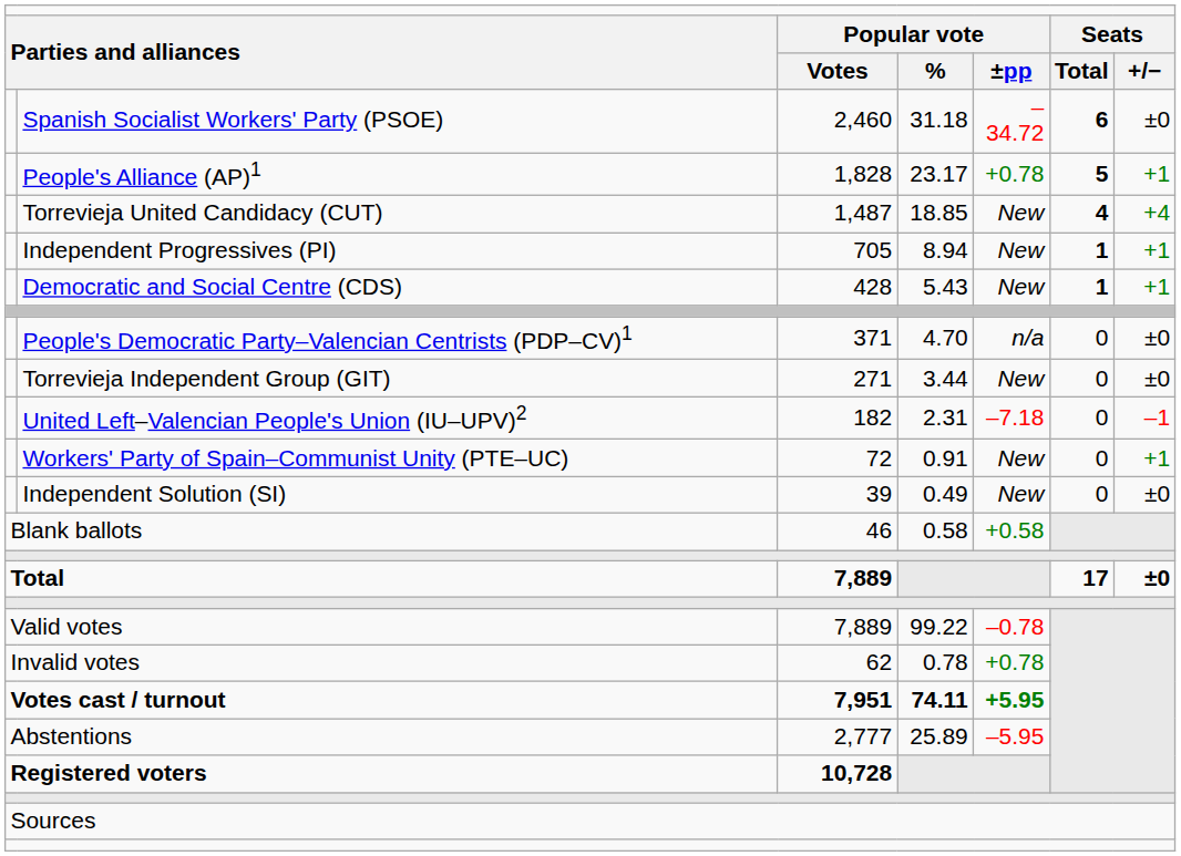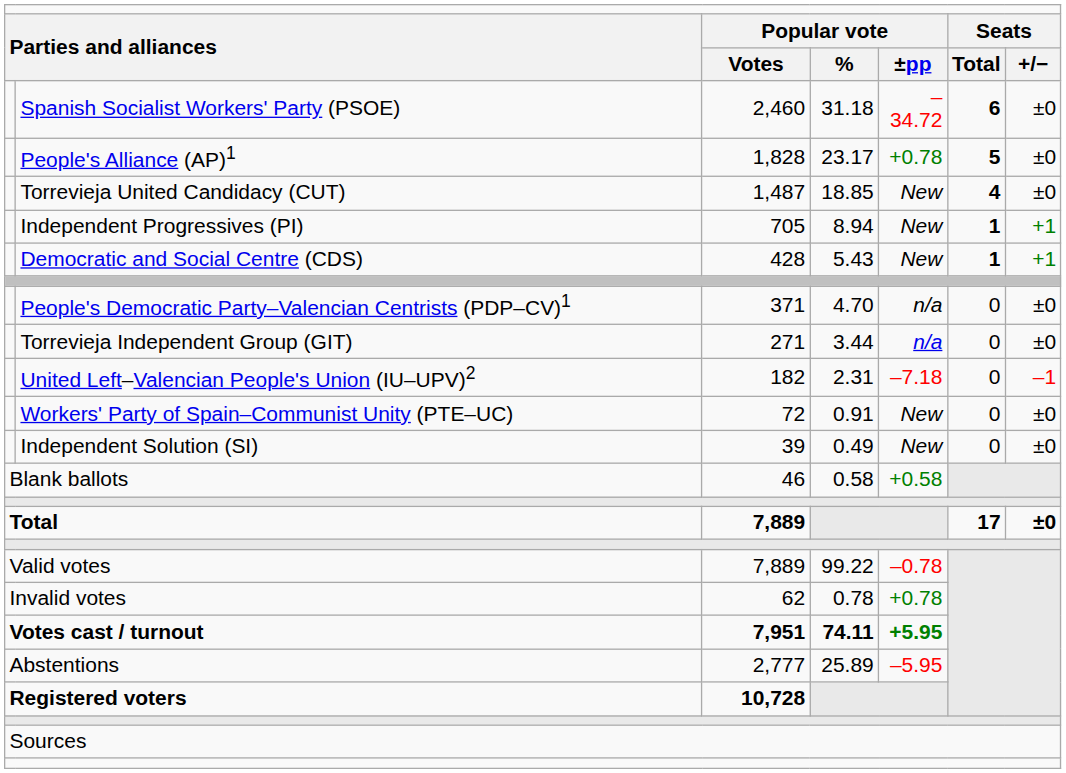 <table class="wikitable" style="text-align:right;">
 <tr>
 <td colspan="7"></td>
 </tr>
 <tr>
 <th style="text-align:left;" rowspan="2" colspan="2" width="525">Parties and alliances</th>
 <th colspan="3">Popular vote</th>
 <th colspan="2">Seats</th>
 </tr>
 <tr>
 <th width="75">Votes</th>
 <th width="45">%</th>
 <th width="45">±<a href='#'>pp</a></th>
 <th width="35">Total</th>
 <th width="35">+/−</th>
 </tr>
 <tr>
 <td width="1" style="color:inherit;background:"></td>
 <td align="left"><a href='#'>Spanish Socialist Workers' Party</a> (PSOE)</td>
 <td>2,460</td>
 <td>31.18</td>
 <td style="color:red;">–34.72</td>
 <td><strong>6</strong></td>
 <td>±0</td>
 </tr>
 <tr>
 <td style="color:inherit;background:"></td>
 <td align="left"><a href='#'>People's Alliance</a> (AP)<sup>1</sup></td>
 <td>1,828</td>
 <td>23.17</td>
 <td style="color:green;">+0.78</td>
 <td><strong>5</strong></td>
-<td style="color:green;">+1</td>
+<td>±0</td>
 </tr>
 <tr>
 <td style="color:inherit;background:"></td>
 <td align="left">Torrevieja United Candidacy (CUT)</td>
 <td>1,487</td>
 <td>18.85</td>
 <td><em>New</em></td>
 <td><strong>4</strong></td>
-<td style="color:green;">+4</td>
+<td>±0</td>
 </tr>
 <tr>
 <td style="color:inherit;background:"></td>
 <td align="left">Independent Progressives (PI)</td>
 <td>705</td>
 <td>8.94</td>
 <td><em>New</em></td>
 <td><strong>1</strong></td>
 <td style="color:green;">+1</td>
 </tr>
 <tr>
 <td style="color:inherit;background:"></td>
 <td align="left"><a href='#'>Democratic and Social Centre</a> (CDS)</td>
 <td>428</td>
 <td>5.43</td>
 <td><em>New</em></td>
 <td><strong>1</strong></td>
 <td style="color:green;">+1</td>
 </tr>
 <tr>
 <td colspan="7" bgcolor="#C0C0C0"></td>
 </tr>
 <tr>
 <td style="color:inherit;background:"></td>
 <td align="left"><a href='#'>People's Democratic Party–Valencian Centrists</a> (PDP–CV)<sup>1</sup></td>
 <td>371</td>
 <td>4.70</td>
 <td><em>n/a</em></td>
 <td>0</td>
 <td>±0</td>
 </tr>
 <tr>
 <td style="color:inherit;background:"></td>
 <td align="left">Torrevieja Independent Group (GIT)</td>
 <td>271</td>
 <td>3.44</td>
-<td><em>New</em></td>
+<td><em><a href='#'>n/a</a></em></td>
 <td>0</td>
 <td>±0</td>
 </tr>
 <tr>
 <td style="color:inherit;background:"></td>
 <td align="left"><a href='#'>United Left</a>–<a href='#'>Valencian People's Union</a> (IU–UPV)<sup>2</sup></td>
 <td>182</td>
 <td>2.31</td>
 <td style="color:red;">–7.18</td>
 <td>0</td>
 <td style="color:red;">–1</td>
 </tr>
 <tr>
 <td style="color:inherit;background:"></td>
 <td align="left"><a href='#'>Workers' Party of Spain–Communist Unity</a> (PTE–UC)</td>
 <td>72</td>
 <td>0.91</td>
 <td><em>New</em></td>
 <td>0</td>
-<td style="color:green;">+1</td>
+<td>±0</td>
 </tr>
 <tr>
 <td style="color:inherit;background:"></td>
 <td align="left">Independent Solution (SI)</td>
 <td>39</td>
 <td>0.49</td>
 <td><em>New</em></td>
 <td>0</td>
 <td>±0</td>
 </tr>
 <tr>
 <td align="left" colspan="2">Blank ballots</td>
 <td>46</td>
 <td>0.58</td>
 <td style="color:green;">+0.58</td>
 <td bgcolor="#E9E9E9" colspan="2"></td>
 </tr>
 <tr>
 <td colspan="7" bgcolor="#E9E9E9"></td>
 </tr>
 <tr style="font-weight:bold;">
 <td align="left" colspan="2">Total</td>
 <td>7,889</td>
 <td bgcolor="#E9E9E9" colspan="2"></td>
 <td>17</td>
 <td>±0</td>
 </tr>
 <tr>
 <td colspan="7" bgcolor="#E9E9E9"></td>
 </tr>
 <tr>
 <td align="left" colspan="2">Valid votes</td>
 <td>7,889</td>
 <td>99.22</td>
 <td style="color:red;">–0.78</td>
 <td bgcolor="#E9E9E9" colspan="2" rowspan="5"></td>
 </tr>
 <tr>
 <td align="left" colspan="2">Invalid votes</td>
 <td>62</td>
 <td>0.78</td>
 <td style="color:green;">+0.78</td>
 </tr>
 <tr style="font-weight:bold;">
 <td align="left" colspan="2">Votes cast / turnout</td>
 <td>7,951</td>
 <td>74.11</td>
 <td style="color:green;">+5.95</td>
 </tr>
 <tr>
 <td align="left" colspan="2">Abstentions</td>
 <td>2,777</td>
 <td>25.89</td>
 <td style="color:red;">–5.95</td>
 </tr>
 <tr style="font-weight:bold;">
 <td align="left" colspan="2">Registered voters</td>
 <td>10,728</td>
 <td bgcolor="#E9E9E9" colspan="2"></td>
 </tr>
 <tr>
 <td colspan="7" bgcolor="#E9E9E9"></td>
 </tr>
 <tr>
 <td align="left" colspan="7">Sources</td>
 </tr>
 <tr>
 <td colspan="7" style="text-align:left; max-width:790px;"></td>
 </tr>
 </table>
